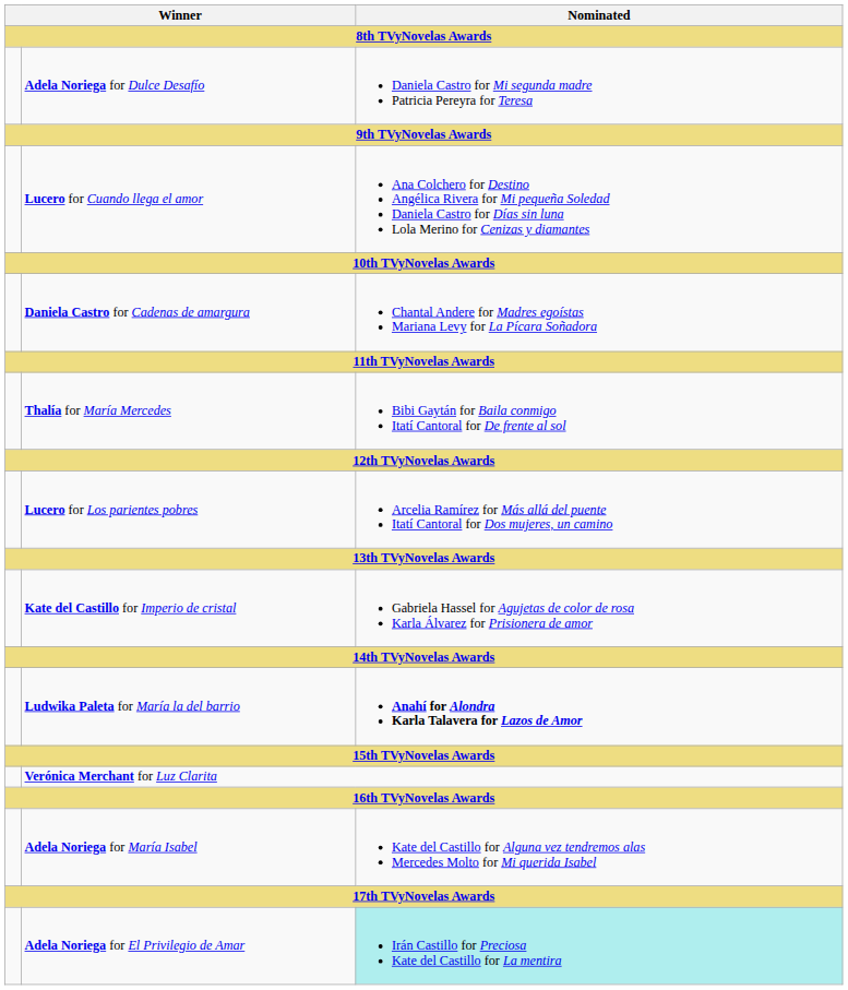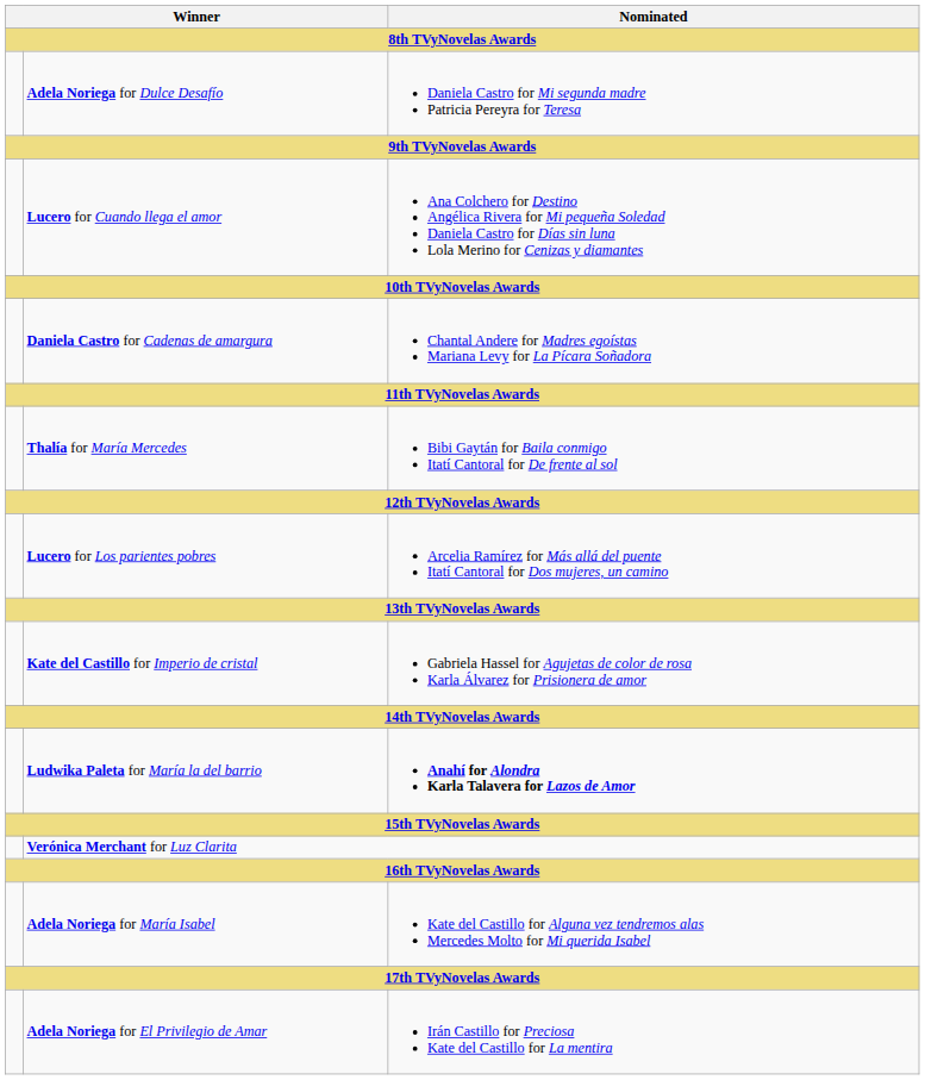 <table class="wikitable" width=80%>
 <tr align=center>
 <th width="150px;" colspan=2; align="center">Winner</th>
 <th width="580px;" align="center">Nominated</th>
 </tr>
 <tr>
 <th colspan=9 style="background:#EEDD82;"  align="center"><strong><a href='#'>8th TVyNovelas Awards</a></strong></th>
 </tr>
 <tr>
 <td width=2%></td>
 <td><strong><a href='#'>Adela Noriega</a></strong> for <em><a href='#'>Dulce Desafío</a></em></td>
 <td><br><ul><li><a href='#'>Daniela Castro</a> for <em><a href='#'>Mi segunda madre</a></em></li><li>Patricia Pereyra for <em><a href='#'>Teresa</a></em></li></ul></td>
 </tr>
 <tr>
 <th colspan=9 style="background:#EEDD82;"  align="center"><strong><a href='#'>9th TVyNovelas Awards</a></strong></th>
 </tr>
 <tr>
 <td width=2%></td>
 <td><strong><a href='#'>Lucero</a></strong> for <em><a href='#'>Cuando llega el amor</a></em></td>
 <td><br><ul><li><a href='#'>Ana Colchero</a> for <em><a href='#'>Destino</a></em></li><li><a href='#'>Angélica Rivera</a> for <em><a href='#'>Mi pequeña Soledad</a></em></li><li><a href='#'>Daniela Castro</a> for <em><a href='#'>Días sin luna</a></em></li><li>Lola Merino for <em><a href='#'>Cenizas y diamantes</a></em></li></ul></td>
 </tr>
 <tr>
 <th colspan=9 style="background:#EEDD82;"  align="center"><strong><a href='#'>10th TVyNovelas Awards</a></strong></th>
 </tr>
 <tr>
 <td width=2%></td>
 <td><strong><a href='#'>Daniela Castro</a></strong> for <em><a href='#'>Cadenas de amargura</a></em></td>
 <td><br><ul><li><a href='#'>Chantal Andere</a> for <em><a href='#'>Madres egoístas</a></em></li><li><a href='#'>Mariana Levy</a> for <em><a href='#'>La Pícara Soñadora</a></em></li></ul></td>
 </tr>
 <tr>
 <th colspan=9 style="background:#EEDD82;"  align="center"><strong><a href='#'>11th TVyNovelas Awards</a></strong></th>
 </tr>
 <tr>
 <td width=2%></td>
 <td><strong><a href='#'>Thalía</a></strong> for <em><a href='#'>María Mercedes</a></em></td>
 <td><br><ul><li><a href='#'>Bibi Gaytán</a> for <em><a href='#'>Baila conmigo</a></em></li><li><a href='#'>Itatí Cantoral</a> for <em><a href='#'>De frente al sol</a></em></li></ul></td>
 </tr>
 <tr>
 <th colspan=9 style="background:#EEDD82;"  align="center"><strong><a href='#'>12th TVyNovelas Awards</a></strong></th>
 </tr>
 <tr>
 <td width=2%></td>
 <td><strong><a href='#'>Lucero</a></strong> for <em><a href='#'>Los parientes pobres</a></em></td>
 <td><br><ul><li><a href='#'>Arcelia Ramírez</a> for <em><a href='#'>Más allá del puente</a></em></li><li><a href='#'>Itatí Cantoral</a> for <em><a href='#'>Dos mujeres, un camino</a></em></li></ul></td>
 </tr>
 <tr>
 <th colspan=9 style="background:#EEDD82;"  align="center"><strong><a href='#'>13th TVyNovelas Awards</a></strong></th>
 </tr>
 <tr>
 <td width=2%></td>
 <td><strong><a href='#'>Kate del Castillo</a></strong> for <em><a href='#'>Imperio de cristal</a></em></td>
 <td><br><ul><li>Gabriela Hassel for <em><a href='#'>Agujetas de color de rosa</a></em></li><li><a href='#'>Karla Álvarez</a> for <em><a href='#'>Prisionera de amor</a></em></li></ul></td>
 </tr>
 <tr>
 <th colspan=9 style="background:#EEDD82;"  align="center"><strong><a href='#'>14th TVyNovelas Awards</a></strong></th>
 </tr>
 <tr>
 <td width=2%></td>
 <td><strong><a href='#'>Ludwika Paleta</a></strong> for <em><a href='#'>María la del barrio</a></em></td>
 <td><strong><br><ul><li><a href='#'>Anahí</a> for <em><a href='#'>Alondra</a></em></li><li>Karla Talavera for <em><a href='#'>Lazos de Amor</a></em></li></ul></strong></td>
 </tr>
 <tr>
 <th colspan=9 style="background:#EEDD82;"  align="center"><strong><a href='#'>15th TVyNovelas Awards</a></strong></th>
 </tr>
 <tr>
 <td width=2%></td>
 <td colspan=2><strong><a href='#'>Verónica Merchant</a></strong> for <em><a href='#'>Luz Clarita</a></em></td>
 </tr>
 <tr>
 <th colspan=9 style="background:#EEDD82;"  align="center"><strong><a href='#'>16th TVyNovelas Awards</a></strong></th>
 </tr>
 <tr>
 <td width=2%></td>
 <td><strong><a href='#'>Adela Noriega</a></strong> for <em><a href='#'>María Isabel</a></em></td>
 <td><br><ul><li><a href='#'>Kate del Castillo</a> for <em><a href='#'>Alguna vez tendremos alas</a></em></li><li><a href='#'>Mercedes Molto</a> for <em><a href='#'>Mi querida Isabel</a></em></li></ul></td>
 </tr>
 <tr>
 <th colspan=9 style="background:#EEDD82;"  align="center"><strong><a href='#'>17th TVyNovelas Awards</a></strong></th>
 </tr>
 <tr>
 <td width=2%></td>
 <td><strong><a href='#'>Adela Noriega</a></strong> for <em><a href='#'>El Privilegio de Amar</a></em></td>
-<td style="background: paleturquoise;"><br><ul><li><a href='#'>Irán Castillo</a> for <em><a href='#'>Preciosa</a></em></li><li><a href='#'>Kate del Castillo</a> for <em><a href='#'>La mentira</a></em></li></ul></td>
+<td><br><ul><li><a href='#'>Irán Castillo</a> for <em><a href='#'>Preciosa</a></em></li><li><a href='#'>Kate del Castillo</a> for <em><a href='#'>La mentira</a></em></li></ul></td>
 </tr>
 </table>
